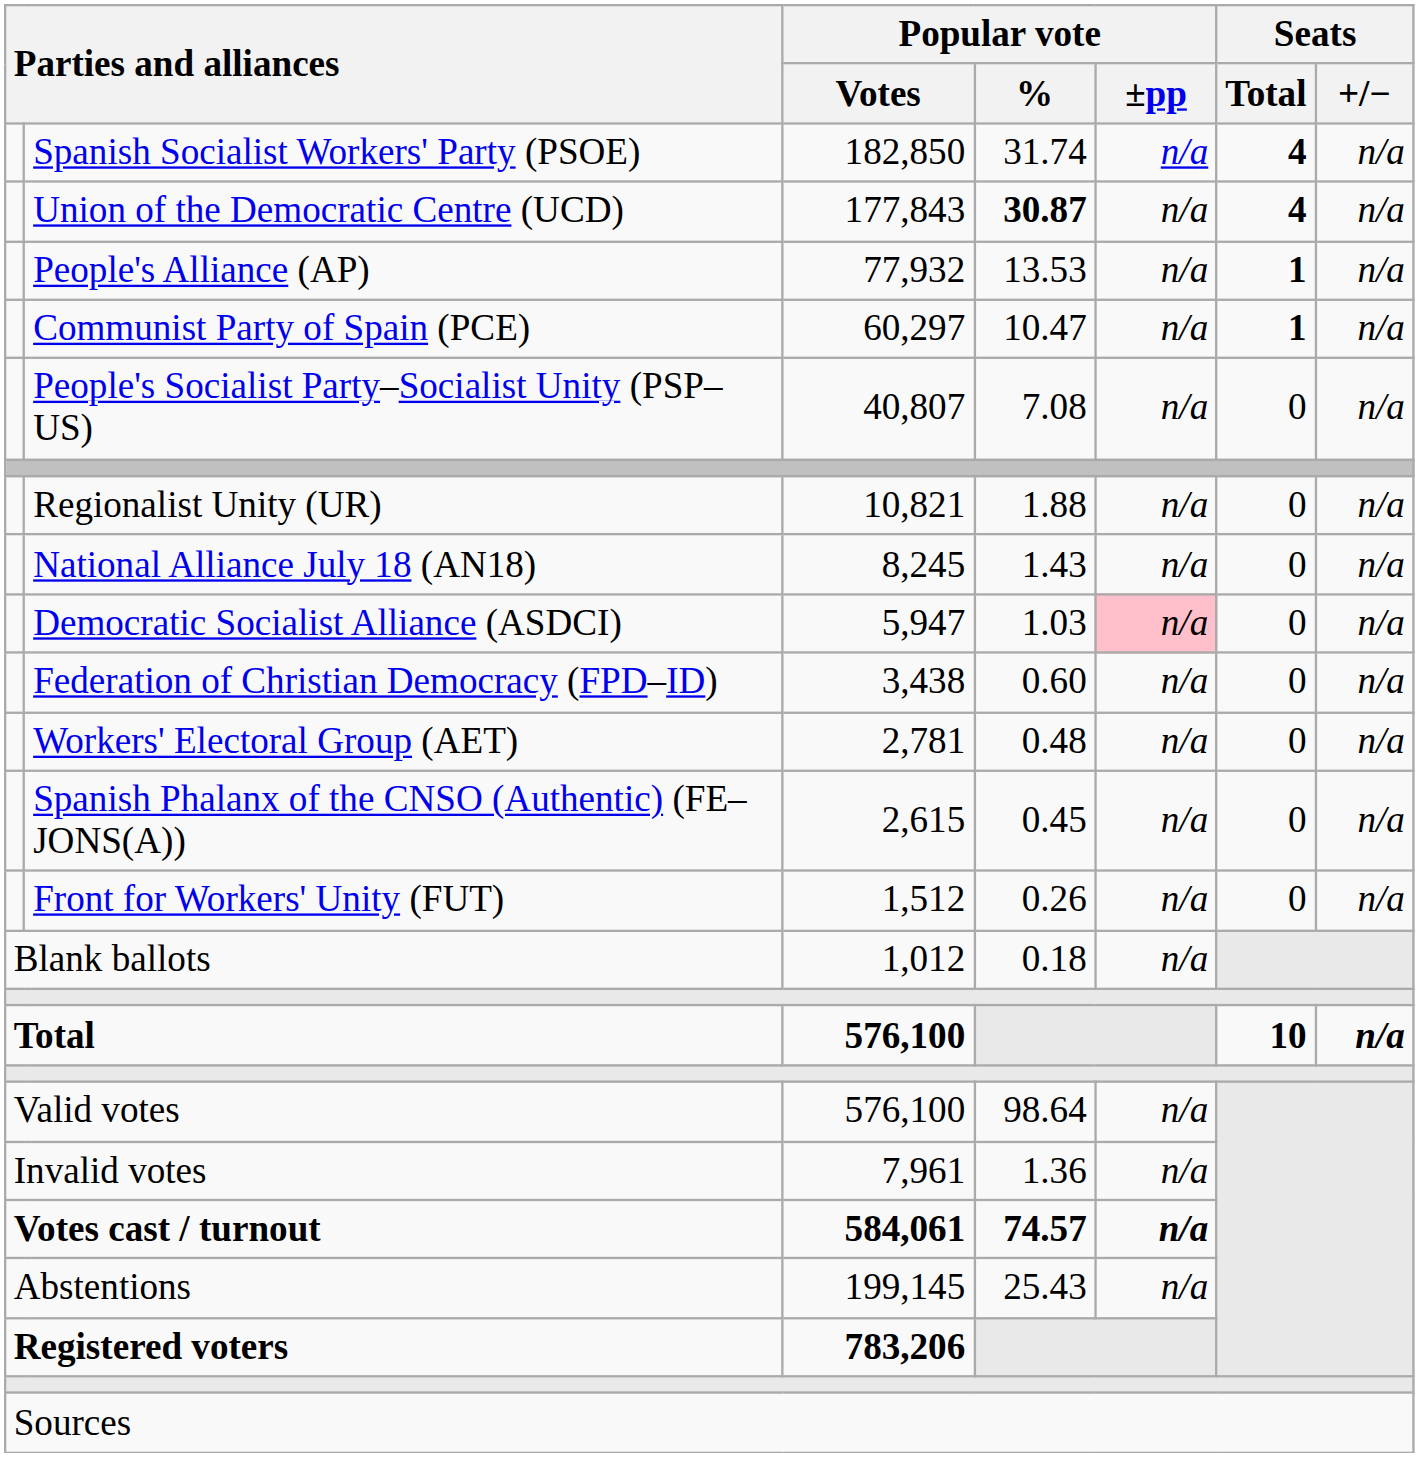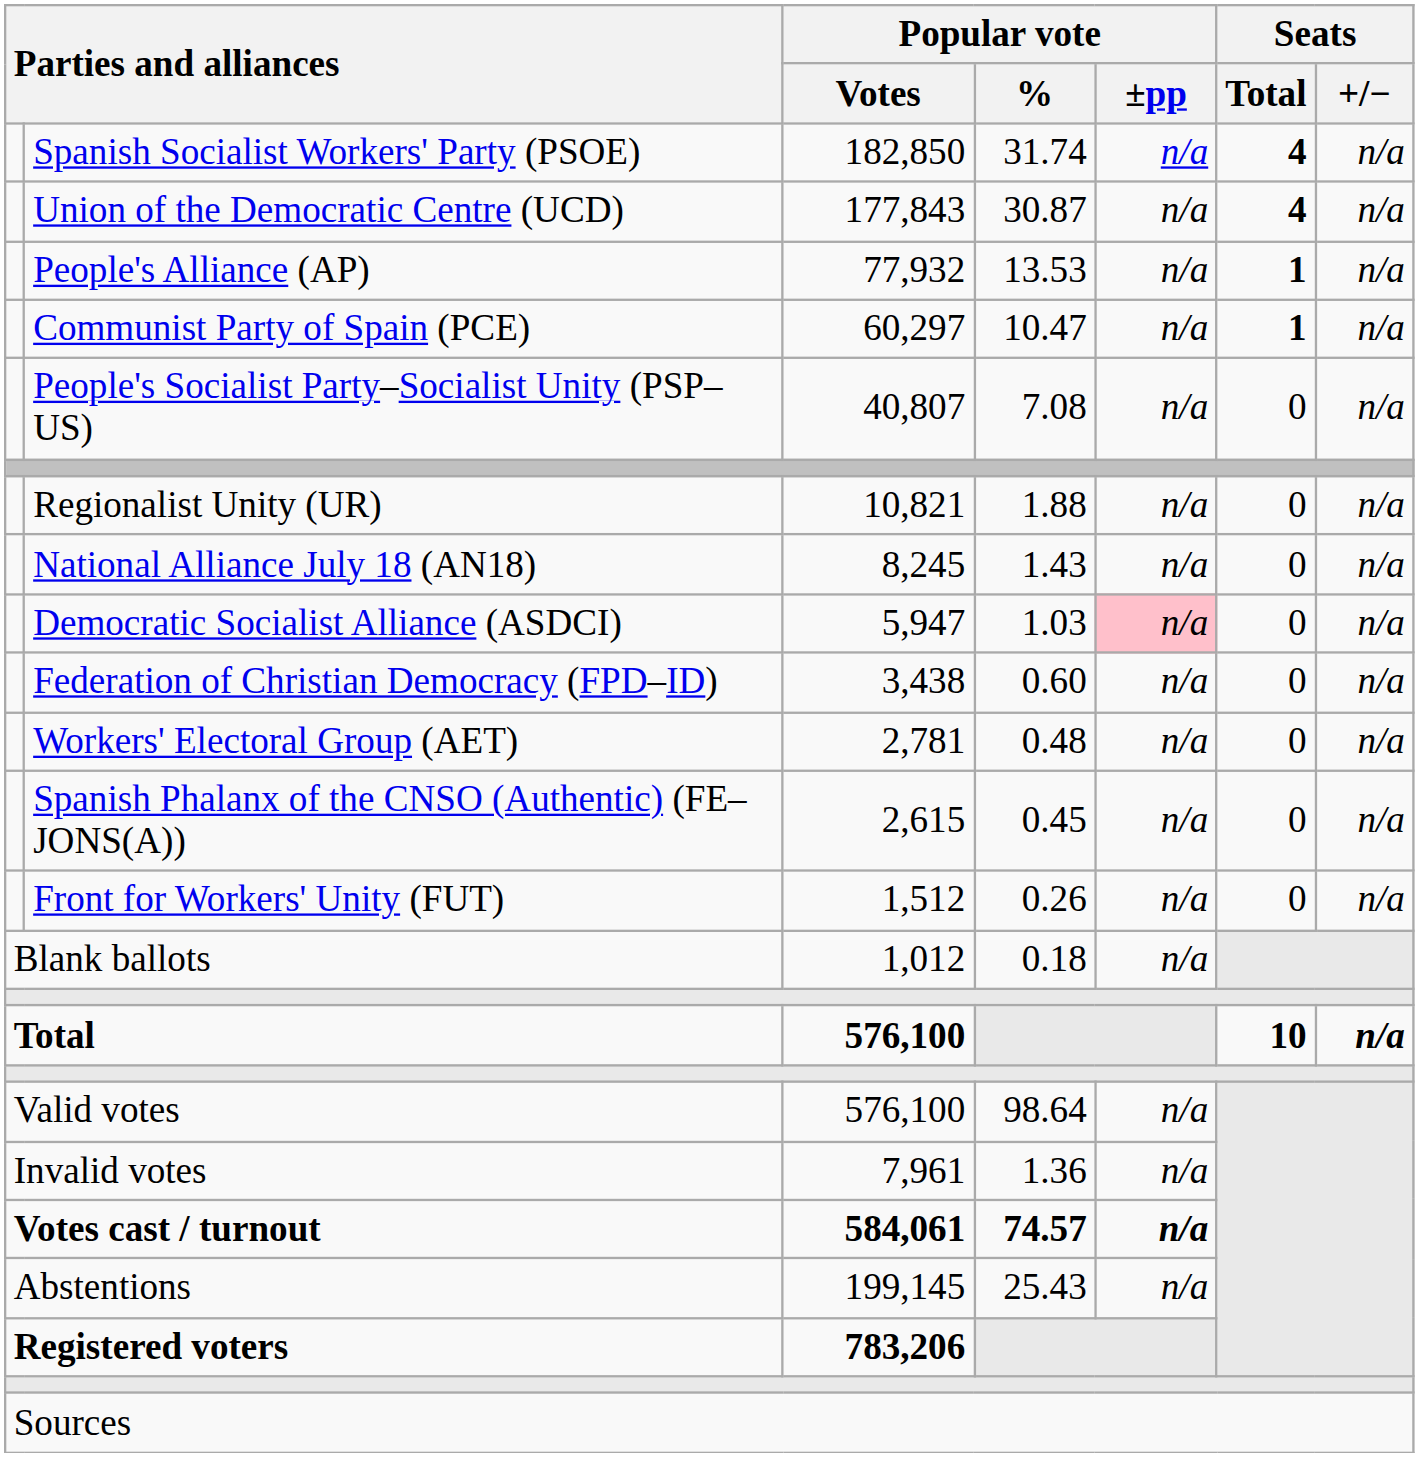 <table class="wikitable" style="text-align:right;">
 <tr>
 <th style="text-align:left;" rowspan="2" colspan="2" width="525">Parties and alliances</th>
 <th colspan="3">Popular vote</th>
 <th colspan="2">Seats</th>
 </tr>
 <tr>
 <th width="75">Votes</th>
 <th width="45">%</th>
 <th width="45">±<a href='#'>pp</a></th>
 <th width="35">Total</th>
 <th width="35">+/−</th>
 </tr>
 <tr>
 <td width="1" style="color:inherit;background:"></td>
 <td align="left"><a href='#'>Spanish Socialist Workers' Party</a> (PSOE)</td>
 <td>182,850</td>
 <td>31.74</td>
 <td><em><a href='#'>n/a</a></em></td>
 <td><strong>4</strong></td>
 <td><em>n/a</em></td>
 </tr>
 <tr>
 <td style="color:inherit;background:"></td>
 <td align="left"><a href='#'>Union of the Democratic Centre</a> (UCD)</td>
 <td>177,843</td>
-<td><strong>30.87</strong></td>
+<td>30.87</td>
 <td><em>n/a</em></td>
 <td><strong>4</strong></td>
 <td><em>n/a</em></td>
 </tr>
 <tr>
 <td style="color:inherit;background:"></td>
 <td align="left"><a href='#'>People's Alliance</a> (AP)</td>
 <td>77,932</td>
 <td>13.53</td>
 <td><em>n/a</em></td>
 <td><strong>1</strong></td>
 <td><em>n/a</em></td>
 </tr>
 <tr>
 <td style="color:inherit;background:"></td>
 <td align="left"><a href='#'>Communist Party of Spain</a> (PCE)</td>
 <td>60,297</td>
 <td>10.47</td>
 <td><em>n/a</em></td>
 <td><strong>1</strong></td>
 <td><em>n/a</em></td>
 </tr>
 <tr>
 <td style="color:inherit;background:"></td>
 <td align="left"><a href='#'>People's Socialist Party</a>–<a href='#'>Socialist Unity</a> (PSP–US)</td>
 <td>40,807</td>
 <td>7.08</td>
 <td><em>n/a</em></td>
 <td>0</td>
 <td><em>n/a</em></td>
 </tr>
 <tr>
 <td colspan="7" bgcolor="#C0C0C0"></td>
 </tr>
 <tr>
 <td style="color:inherit;background:"></td>
 <td align="left">Regionalist Unity (UR)</td>
 <td>10,821</td>
 <td>1.88</td>
 <td><em>n/a</em></td>
 <td>0</td>
 <td><em>n/a</em></td>
 </tr>
 <tr>
 <td style="color:inherit;background:"></td>
 <td align="left"><a href='#'>National Alliance July 18</a> (AN18)</td>
 <td>8,245</td>
 <td>1.43</td>
 <td><em>n/a</em></td>
 <td>0</td>
 <td><em>n/a</em></td>
 </tr>
 <tr>
 <td style="color:inherit;background:"></td>
 <td align="left"><a href='#'>Democratic Socialist Alliance</a> (ASDCI)</td>
 <td>5,947</td>
 <td>1.03</td>
 <td style="background: pink;"><em>n/a</em></td>
 <td>0</td>
 <td><em>n/a</em></td>
 </tr>
 <tr>
 <td style="color:inherit;background:"></td>
 <td align="left"><a href='#'>Federation of Christian Democracy</a> (<a href='#'>FPD</a>–<a href='#'>ID</a>)</td>
 <td>3,438</td>
 <td>0.60</td>
 <td><em>n/a</em></td>
 <td>0</td>
 <td><em>n/a</em></td>
 </tr>
 <tr>
 <td style="color:inherit;background:"></td>
 <td align="left"><a href='#'>Workers' Electoral Group</a> (AET)</td>
 <td>2,781</td>
 <td>0.48</td>
 <td><em>n/a</em></td>
 <td>0</td>
 <td><em>n/a</em></td>
 </tr>
 <tr>
 <td style="color:inherit;background:"></td>
 <td align="left"><a href='#'>Spanish Phalanx of the CNSO (Authentic)</a> (FE–JONS(A))</td>
 <td>2,615</td>
 <td>0.45</td>
 <td><em>n/a</em></td>
 <td>0</td>
 <td><em>n/a</em></td>
 </tr>
 <tr>
 <td style="color:inherit;background:"></td>
 <td align="left"><a href='#'>Front for Workers' Unity</a> (FUT)</td>
 <td>1,512</td>
 <td>0.26</td>
 <td><em>n/a</em></td>
 <td>0</td>
 <td><em>n/a</em></td>
 </tr>
 <tr>
 <td align="left" colspan="2">Blank ballots</td>
 <td>1,012</td>
 <td>0.18</td>
 <td><em>n/a</em></td>
 <td bgcolor="#E9E9E9" colspan="2"></td>
 </tr>
 <tr>
 <td colspan="7" bgcolor="#E9E9E9"></td>
 </tr>
 <tr style="font-weight:bold;">
 <td align="left" colspan="2">Total</td>
 <td>576,100</td>
 <td bgcolor="#E9E9E9" colspan="2"></td>
 <td>10</td>
 <td><em>n/a</em></td>
 </tr>
 <tr>
 <td colspan="7" bgcolor="#E9E9E9"></td>
 </tr>
 <tr>
 <td align="left" colspan="2">Valid votes</td>
 <td>576,100</td>
 <td>98.64</td>
 <td><em>n/a</em></td>
 <td bgcolor="#E9E9E9" colspan="2" rowspan="5"></td>
 </tr>
 <tr>
 <td align="left" colspan="2">Invalid votes</td>
 <td>7,961</td>
 <td>1.36</td>
 <td><em>n/a</em></td>
 </tr>
 <tr style="font-weight:bold;">
 <td align="left" colspan="2">Votes cast / turnout</td>
 <td>584,061</td>
 <td>74.57</td>
 <td><em>n/a</em></td>
 </tr>
 <tr>
 <td align="left" colspan="2">Abstentions</td>
 <td>199,145</td>
 <td>25.43</td>
 <td><em>n/a</em></td>
 </tr>
 <tr style="font-weight:bold;">
 <td align="left" colspan="2">Registered voters</td>
 <td>783,206</td>
 <td bgcolor="#E9E9E9" colspan="2"></td>
 </tr>
 <tr>
 <td colspan="7" bgcolor="#E9E9E9"></td>
 </tr>
 <tr>
 <td align="left" colspan="7">Sources</td>
 </tr>
 </table>
